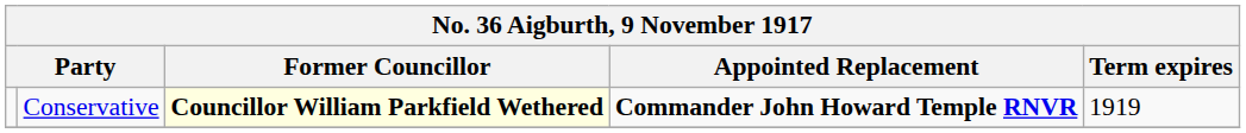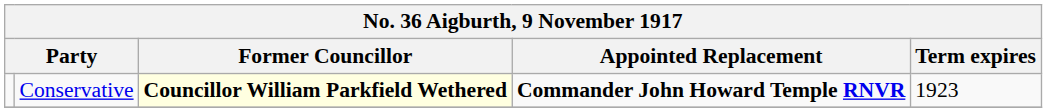 <table class="wikitable">
 <tr>
 <th colspan="5"><strong>No. 36 Aigburth, 9 November 1917</strong></th>
 </tr>
 <tr>
 <th colspan="2">Party</th>
 <th>Former Councillor</th>
 <th>Appointed Replacement</th>
 <th>Term expires</th>
 </tr>
 <tr>
 <td style="background-color:"></td>
 <td><a href='#'>Conservative</a></td>
 <td style="background: lightyellow;"><strong>Councillor William Parkfield Wethered</strong></td>
 <td><strong>Commander John Howard Temple <a href='#'>RNVR</a></strong></td>
-<td>1919</td>
+<td>1923</td>
 </tr>
 <tr>
 </tr>
 </table>
